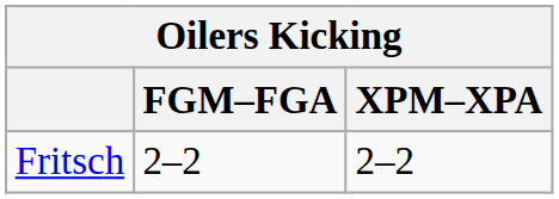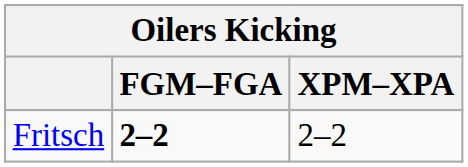 <table class="wikitable">
 <tr>
 <th colspan="3">Oilers Kicking</th>
 </tr>
 <tr>
 <th></th>
 <th>FGM–FGA</th>
 <th>XPM–XPA</th>
 </tr>
 <tr>
 <td><a href='#'>Fritsch</a></td>
-<td>2–2</td>
+<td><strong>2–2</strong></td>
 <td>2–2</td>
 </tr>
 </table>
